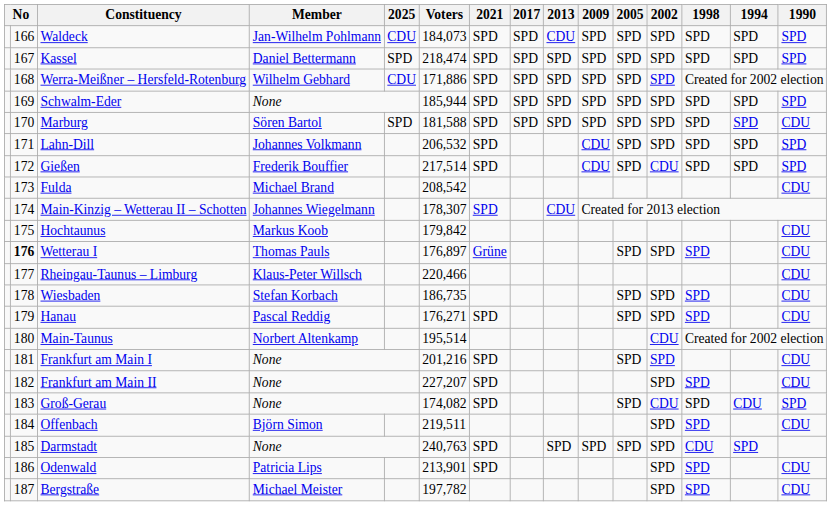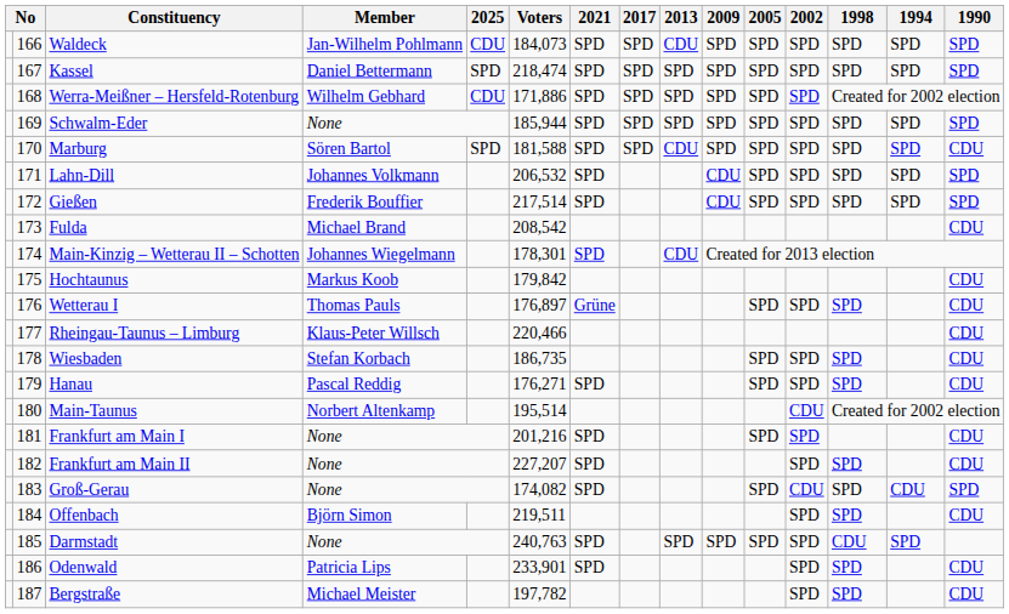 <table class="wikitable sortable">
 <tr>
 <th colspan=2>No</th>
 <th>Constituency</th>
 <th>Member</th>
 <th>2025</th>
 <th>Voters</th>
 <th>2021</th>
 <th>2017</th>
 <th>2013</th>
 <th>2009</th>
 <th>2005</th>
 <th>2002</th>
 <th>1998</th>
 <th>1994</th>
 <th>1990</th>
 </tr>
 <tr>
 <td style="background-color: "></td>
 <td>166</td>
 <td><a href='#'>Waldeck</a></td>
 <td><a href='#'>Jan-Wilhelm Pohlmann</a></td>
 <td><a href='#'>CDU</a></td>
 <td>184,073</td>
 <td bgcolor=>SPD</td>
 <td bgcolor=>SPD</td>
 <td><a href='#'>CDU</a></td>
 <td bgcolor=>SPD</td>
 <td bgcolor=>SPD</td>
 <td bgcolor=>SPD</td>
 <td bgcolor=>SPD</td>
 <td bgcolor=>SPD</td>
 <td><a href='#'>SPD</a></td>
 </tr>
 <tr>
 <td style="background-color: "></td>
 <td>167</td>
 <td><a href='#'>Kassel</a></td>
 <td><a href='#'>Daniel Bettermann</a></td>
 <td bgcolor=>SPD</td>
 <td>218,474</td>
 <td bgcolor=>SPD</td>
 <td bgcolor=>SPD</td>
 <td bgcolor=>SPD</td>
 <td bgcolor=>SPD</td>
 <td bgcolor=>SPD</td>
 <td bgcolor=>SPD</td>
 <td bgcolor=>SPD</td>
 <td bgcolor=>SPD</td>
 <td><a href='#'>SPD</a></td>
 </tr>
 <tr>
 <td style="background-color: "></td>
 <td>168</td>
 <td><a href='#'>Werra-Meißner – Hersfeld-Rotenburg</a></td>
 <td><a href='#'>Wilhelm Gebhard</a></td>
 <td><a href='#'>CDU</a></td>
 <td>171,886</td>
 <td bgcolor=>SPD</td>
 <td bgcolor=>SPD</td>
 <td bgcolor=>SPD</td>
 <td bgcolor=>SPD</td>
 <td bgcolor=>SPD</td>
 <td><a href='#'>SPD</a></td>
 <td colspan=3>Created for 2002 election</td>
 </tr>
 <tr>
 <td></td>
 <td>169</td>
 <td><a href='#'>Schwalm-Eder</a></td>
 <td colspan="2"><em>None</em></td>
 <td>185,944</td>
 <td bgcolor=>SPD</td>
 <td bgcolor=>SPD</td>
 <td bgcolor=>SPD</td>
 <td bgcolor=>SPD</td>
 <td bgcolor=>SPD</td>
 <td bgcolor=>SPD</td>
 <td bgcolor=>SPD</td>
 <td bgcolor=>SPD</td>
 <td><a href='#'>SPD</a></td>
 </tr>
 <tr>
 <td style="background-color: "></td>
 <td>170</td>
 <td><a href='#'>Marburg</a></td>
 <td><a href='#'>Sören Bartol</a></td>
 <td bgcolor=>SPD</td>
 <td>181,588</td>
 <td bgcolor=>SPD</td>
 <td bgcolor=>SPD</td>
-<td bgcolor=>SPD</td>
+<td><a href='#'>CDU</a></td>
 <td bgcolor=>SPD</td>
 <td bgcolor=>SPD</td>
 <td bgcolor=>SPD</td>
 <td bgcolor=>SPD</td>
 <td><a href='#'>SPD</a></td>
 <td><a href='#'>CDU</a></td>
 </tr>
 <tr>
 <td style="background-color: "></td>
 <td>171</td>
 <td><a href='#'>Lahn-Dill</a></td>
 <td><a href='#'>Johannes Volkmann</a></td>
 <td></td>
 <td>206,532</td>
 <td bgcolor=>SPD</td>
 <td></td>
 <td></td>
 <td><a href='#'>CDU</a></td>
 <td bgcolor=>SPD</td>
 <td bgcolor=>SPD</td>
 <td bgcolor=>SPD</td>
 <td bgcolor=>SPD</td>
 <td><a href='#'>SPD</a></td>
 </tr>
 <tr>
 <td style="background-color: "></td>
 <td>172</td>
 <td><a href='#'>Gießen</a></td>
 <td><a href='#'>Frederik Bouffier</a></td>
 <td></td>
 <td>217,514</td>
 <td bgcolor=>SPD</td>
 <td></td>
 <td></td>
 <td><a href='#'>CDU</a></td>
 <td bgcolor=>SPD</td>
-<td><a href='#'>CDU</a></td>
+<td bgcolor=>SPD</td>
 <td bgcolor=>SPD</td>
 <td bgcolor=>SPD</td>
 <td><a href='#'>SPD</a></td>
 </tr>
 <tr>
 <td style="background-color: "></td>
 <td>173</td>
 <td><a href='#'>Fulda</a></td>
 <td><a href='#'>Michael Brand</a></td>
 <td bgcolor=></td>
 <td>208,542</td>
 <td bgcolor=></td>
 <td></td>
 <td></td>
 <td></td>
 <td></td>
 <td></td>
 <td></td>
 <td></td>
 <td><a href='#'>CDU</a></td>
 </tr>
 <tr>
 <td style="background-color: "></td>
 <td>174</td>
 <td><a href='#'>Main-Kinzig – Wetterau II – Schotten</a></td>
 <td><a href='#'>Johannes Wiegelmann</a></td>
 <td bgcolor=></td>
-<td>178,307</td>
+<td>178,301</td>
 <td><a href='#'>SPD</a></td>
 <td></td>
 <td><a href='#'>CDU</a></td>
 <td colspan=6>Created for 2013 election</td>
 </tr>
 <tr>
 <td style="background-color: "></td>
 <td>175</td>
 <td><a href='#'>Hochtaunus</a></td>
 <td><a href='#'>Markus Koob</a></td>
 <td bgcolor=></td>
 <td>179,842</td>
 <td></td>
 <td></td>
 <td></td>
 <td></td>
 <td></td>
 <td></td>
 <td></td>
 <td></td>
 <td><a href='#'>CDU</a></td>
 </tr>
 <tr>
 <td style="background-color: "></td>
-<td><strong>176</strong></td>
+<td>176</td>
 <td><a href='#'>Wetterau I</a></td>
 <td><a href='#'>Thomas Pauls</a></td>
 <td bgcolor=></td>
 <td>176,897</td>
 <td><a href='#'>Grüne</a></td>
 <td></td>
 <td></td>
 <td></td>
 <td bgcolor=>SPD</td>
 <td bgcolor=>SPD</td>
 <td><a href='#'>SPD</a></td>
 <td></td>
 <td><a href='#'>CDU</a></td>
 </tr>
 <tr>
 <td style="background-color: "></td>
 <td>177</td>
 <td><a href='#'>Rheingau-Taunus – Limburg</a></td>
 <td><a href='#'>Klaus-Peter Willsch</a></td>
 <td bgcolor=></td>
 <td>220,466</td>
 <td bgcolor=></td>
 <td></td>
 <td></td>
 <td></td>
 <td></td>
 <td></td>
 <td></td>
 <td></td>
 <td><a href='#'>CDU</a></td>
 </tr>
 <tr>
 <td style="background-color: "></td>
 <td>178</td>
 <td><a href='#'>Wiesbaden</a></td>
 <td><a href='#'>Stefan Korbach</a></td>
 <td bgcolor=></td>
 <td>186,735</td>
 <td bgcolor=></td>
 <td></td>
 <td></td>
 <td></td>
 <td bgcolor=>SPD</td>
 <td bgcolor=>SPD</td>
 <td><a href='#'>SPD</a></td>
 <td></td>
 <td><a href='#'>CDU</a></td>
 </tr>
 <tr>
 <td style="background-color: "></td>
 <td>179</td>
 <td><a href='#'>Hanau</a></td>
 <td><a href='#'>Pascal Reddig</a></td>
 <td></td>
 <td>176,271</td>
 <td bgcolor=>SPD</td>
 <td></td>
 <td></td>
 <td></td>
 <td bgcolor=>SPD</td>
 <td bgcolor=>SPD</td>
 <td><a href='#'>SPD</a></td>
 <td></td>
 <td><a href='#'>CDU</a></td>
 </tr>
 <tr>
 <td style="background-color: "></td>
 <td>180</td>
 <td><a href='#'>Main-Taunus</a></td>
 <td><a href='#'>Norbert Altenkamp</a></td>
 <td bgcolor=></td>
 <td>195,514</td>
 <td bgcolor=></td>
 <td></td>
 <td></td>
 <td></td>
 <td></td>
 <td><a href='#'>CDU</a></td>
 <td colspan=3>Created for 2002 election</td>
 </tr>
 <tr>
 <td></td>
 <td>181</td>
 <td><a href='#'>Frankfurt am Main I</a></td>
 <td colspan="2"><em>None</em></td>
 <td>201,216</td>
 <td bgcolor=>SPD</td>
 <td></td>
 <td></td>
 <td></td>
 <td bgcolor=>SPD</td>
 <td><a href='#'>SPD</a></td>
 <td></td>
 <td></td>
 <td><a href='#'>CDU</a></td>
 </tr>
 <tr>
 <td></td>
 <td>182</td>
 <td><a href='#'>Frankfurt am Main II</a></td>
 <td colspan="2"><em>None</em></td>
 <td>227,207</td>
 <td bgcolor=>SPD</td>
 <td></td>
 <td></td>
 <td></td>
 <td></td>
 <td bgcolor=>SPD</td>
 <td><a href='#'>SPD</a></td>
 <td></td>
 <td><a href='#'>CDU</a></td>
 </tr>
 <tr>
 <td></td>
 <td>183</td>
 <td><a href='#'>Groß-Gerau</a></td>
 <td colspan="2"><em>None</em></td>
 <td>174,082</td>
 <td bgcolor=>SPD</td>
 <td></td>
 <td></td>
 <td></td>
 <td bgcolor=>SPD</td>
 <td><a href='#'>CDU</a></td>
 <td bgcolor=>SPD</td>
 <td><a href='#'>CDU</a></td>
 <td><a href='#'>SPD</a></td>
 </tr>
 <tr>
 <td style="background-color: "></td>
 <td>184</td>
 <td><a href='#'>Offenbach</a></td>
 <td><a href='#'>Björn Simon</a></td>
 <td></td>
 <td>219,511</td>
 <td></td>
 <td></td>
 <td></td>
 <td></td>
 <td></td>
 <td bgcolor=>SPD</td>
 <td><a href='#'>SPD</a></td>
 <td></td>
 <td><a href='#'>CDU</a></td>
 </tr>
 <tr>
 <td></td>
 <td>185</td>
 <td><a href='#'>Darmstadt</a></td>
 <td colspan="2"><em>None</em></td>
 <td>240,763</td>
 <td bgcolor=>SPD</td>
 <td></td>
 <td bgcolor=>SPD</td>
 <td bgcolor=>SPD</td>
 <td bgcolor=>SPD</td>
 <td bgcolor=>SPD</td>
 <td><a href='#'>CDU</a></td>
 <td><a href='#'>SPD</a></td>
 </tr>
 <tr>
 <td style="background-color: "></td>
 <td>186</td>
 <td><a href='#'>Odenwald</a></td>
 <td><a href='#'>Patricia Lips</a></td>
 <td></td>
-<td>213,901</td>
+<td>233,901</td>
 <td bgcolor=>SPD</td>
 <td></td>
 <td></td>
 <td></td>
 <td></td>
 <td bgcolor=>SPD</td>
 <td><a href='#'>SPD</a></td>
 <td></td>
 <td><a href='#'>CDU</a></td>
 </tr>
 <tr>
 <td style="background-color: "></td>
 <td>187</td>
 <td><a href='#'>Bergstraße</a></td>
 <td><a href='#'>Michael Meister</a></td>
 <td bgcolor=></td>
 <td>197,782</td>
 <td bgcolor=></td>
 <td></td>
 <td></td>
 <td></td>
 <td></td>
 <td bgcolor=>SPD</td>
 <td><a href='#'>SPD</a></td>
 <td></td>
 <td><a href='#'>CDU</a></td>
 </tr>
 </table>
